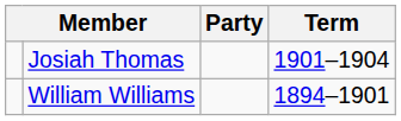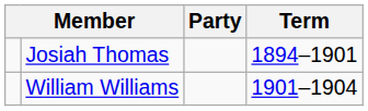 <table class="wikitable">
 <tr>
 <th colspan="2">Member</th>
 <th>Party</th>
 <th>Term</th>
 </tr>
 <tr>
 <td> </td>
 <td><a href='#'>Josiah Thomas</a></td>
 <td></td>
-<td><a href='#'>1901</a>–1904</td>
+<td><a href='#'>1894</a>–1901</td>
 </tr>
 <tr>
 <td> </td>
 <td><a href='#'>William Williams</a></td>
 <td></td>
-<td><a href='#'>1894</a>–1901</td>
+<td><a href='#'>1901</a>–1904</td>
 </tr>
 </table>
